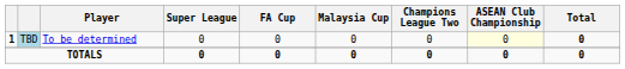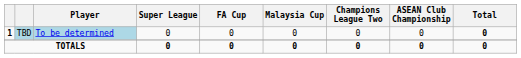 <table class="wikitable sortable" style="font-size: 95%; text-align: center;">
 <tr>
 <th width=10></th>
 <th width=10></th>
 <th width=150>Player</th>
 <th width=90>Super League</th>
 <th width=90>FA Cup</th>
 <th width=90>Malaysia Cup</th>
 <th width=90>Champions League Two</th>
 <th width=90>ASEAN Club Championship</th>
 <th width=90>Total</th>
 </tr>
 <tr>
 <td><strong>1</strong></td>
 <td style="background: lightblue;">TBD</td>
-<td align=left><a href='#'>To be determined</a></td>
+<td align=left style="background: lightblue;"><a href='#'>To be determined</a></td>
 <td>0</td>
 <td>0</td>
 <td>0</td>
 <td>0</td>
-<td style="background: lightyellow;">0</td>
+<td>0</td>
 <td><strong>0</strong></td>
 </tr>
 <tr>
 </tr>
 <tr class="sortbottom">
 <td colspan=3><strong>TOTALS</strong></td>
 <td><strong>0</strong></td>
 <td><strong>0</strong></td>
 <td><strong>0</strong></td>
 <td><strong>0</strong></td>
 <td><strong>0</strong></td>
 <td><strong>0</strong></td>
 </tr>
 </table>
